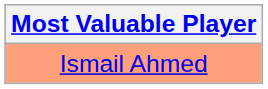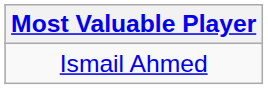 <table class=wikitable style="text-align:center; margin:auto">
 <tr>
 <th><a href='#'>Most Valuable Player</a></th>
 </tr>
 <tr>
-<td style="background: lightsalmon;"> <a href='#'>Ismail Ahmed</a></td>
+<td> <a href='#'>Ismail Ahmed</a></td>
 </tr>
 </table>
